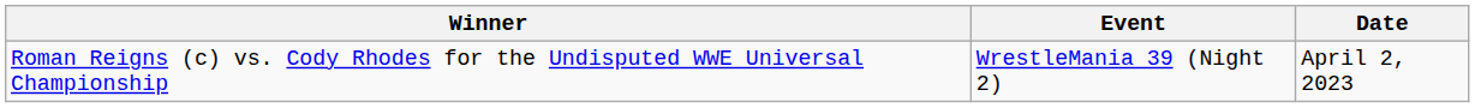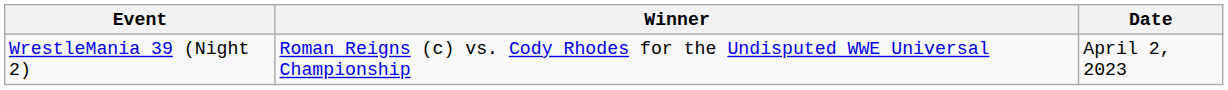 <table class="wikitable">
 <tr>
+<th>Event</th>
 <th>Winner</th>
-<th>Event</th>
 <th>Date</th>
 </tr>
 <tr>
+<td><a href='#'>WrestleMania 39</a> (Night 2)</td>
 <td><a href='#'>Roman Reigns</a> (c) vs. <a href='#'>Cody Rhodes</a> for the <a href='#'>Undisputed WWE Universal Championship</a></td>
-<td><a href='#'>WrestleMania 39</a> (Night 2)</td>
 <td>April 2, 2023</td>
 </tr>
 </table>
